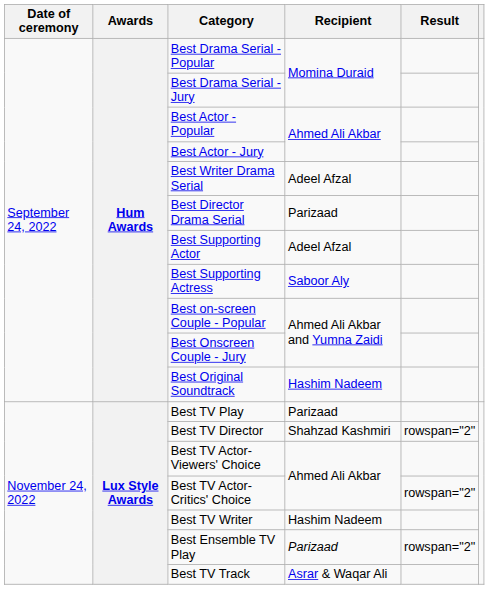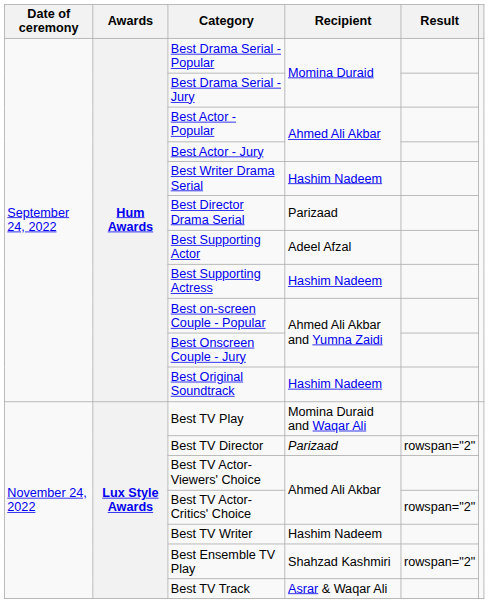 <table class="wikitable plainrowheaders sortable">
 <tr>
 <th scope="col">Date of ceremony</th>
 <th scope="col">Awards</th>
 <th scope="col">Category</th>
 <th scope="col">Recipient</th>
 <th scope="col">Result</th>
 <th scope="col" class="unsortable"></th>
 </tr>
 <tr>
 <td rowspan="11"><a href='#'>September 24, 2022</a></td>
 <th scope="row" rowspan="11"><a href='#'>Hum Awards</a></th>
 <td><a href='#'>Best Drama Serial - Popular</a></td>
 <td rowspan="2"><a href='#'>Momina Duraid</a></td>
 <td></td>
 <td rowspan="11"></td>
 </tr>
 <tr>
 <td><a href='#'>Best Drama Serial - Jury</a></td>
 <td></td>
 </tr>
 <tr>
 <td><a href='#'>Best Actor - Popular</a></td>
 <td rowspan="2"><a href='#'>Ahmed Ali Akbar</a></td>
 <td></td>
 </tr>
 <tr>
 <td><a href='#'>Best Actor - Jury</a></td>
 <td></td>
 </tr>
 <tr>
 <td><a href='#'>Best Writer Drama Serial</a></td>
-<td>Adeel Afzal</td>
+<td><a href='#'>Hashim Nadeem</a></td>
 <td></td>
 </tr>
 <tr>
 <td><a href='#'>Best Director Drama Serial</a></td>
 <td>Parizaad</td>
 <td></td>
 </tr>
 <tr>
 <td><a href='#'>Best Supporting Actor</a></td>
 <td>Adeel Afzal</td>
 <td></td>
 </tr>
 <tr>
 <td><a href='#'>Best Supporting Actress</a></td>
-<td><a href='#'>Saboor Aly</a></td>
+<td><a href='#'>Hashim Nadeem</a></td>
 <td></td>
 </tr>
 <tr>
 <td><a href='#'>Best on-screen Couple - Popular</a></td>
 <td rowspan="2">Ahmed Ali Akbar and <a href='#'>Yumna Zaidi</a></td>
 <td></td>
 </tr>
 <tr>
 <td><a href='#'>Best Onscreen Couple - Jury</a></td>
 <td></td>
 </tr>
 <tr>
 <td><a href='#'>Best Original Soundtrack</a></td>
 <td><a href='#'>Hashim Nadeem</a></td>
 <td></td>
 </tr>
 <tr>
 <td rowspan="7"><a href='#'>November 24, 2022</a></td>
 <th scope="row" rowspan="7"><a href='#'>Lux Style Awards</a></th>
 <td>Best TV Play</td>
-<td>Parizaad</td>
+<td>Momina Duraid and <a href='#'>Waqar Ali</a></td>
 <td></td>
 <td rowspan="7"></td>
 </tr>
 <tr>
 <td>Best TV Director</td>
-<td>Shahzad Kashmiri</td>
+<td><em>Parizaad</em></td>
 <td>rowspan="2" </td>
 </tr>
 <tr>
 <td>Best TV Actor-Viewers' Choice</td>
 <td rowspan="2">Ahmed Ali Akbar</td>
 </tr>
 <tr>
 <td>Best TV Actor-Critics' Choice</td>
 <td>rowspan="2" </td>
 </tr>
 <tr>
 <td>Best TV Writer</td>
 <td>Hashim Nadeem</td>
 </tr>
 <tr>
 <td>Best Ensemble TV Play</td>
-<td><em>Parizaad</em></td>
+<td>Shahzad Kashmiri</td>
 <td>rowspan="2" </td>
 </tr>
 <tr>
 <td>Best TV Track</td>
 <td><a href='#'>Asrar</a> & Waqar Ali</td>
 </tr>
 </table>
